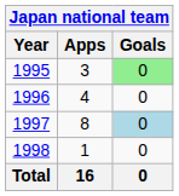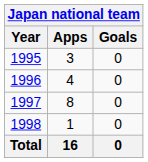 <table class="wikitable" style="text-align:center">
 <tr>
 <th colspan=3><a href='#'>Japan national team</a></th>
 </tr>
 <tr>
 <th>Year</th>
 <th>Apps</th>
 <th>Goals</th>
 </tr>
 <tr>
 <td><a href='#'>1995</a></td>
 <td>3</td>
-<td style="background: lightgreen;">0</td>
+<td>0</td>
 </tr>
 <tr>
 <td><a href='#'>1996</a></td>
 <td>4</td>
 <td>0</td>
 </tr>
 <tr>
 <td><a href='#'>1997</a></td>
 <td>8</td>
-<td style="background: lightblue;">0</td>
+<td>0</td>
 </tr>
 <tr>
 <td><a href='#'>1998</a></td>
 <td>1</td>
 <td>0</td>
 </tr>
 <tr>
 <th>Total</th>
 <th>16</th>
 <th>0</th>
 </tr>
 </table>
